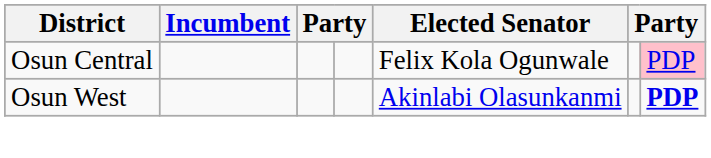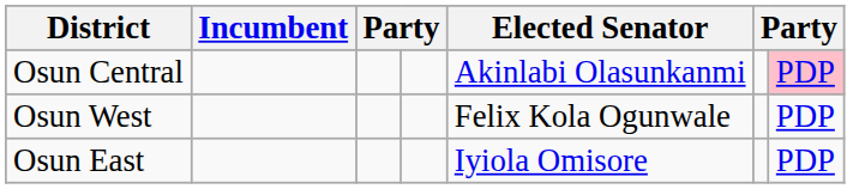 <table class="sortable wikitable" style="font-size:95%;line-height:14px;">
 <tr>
 <th class="unsortable">District</th>
 <th class="unsortable"><a href='#'>Incumbent</a></th>
 <th colspan="2">Party</th>
 <th class="unsortable">Elected Senator</th>
 <th colspan="2">Party</th>
 </tr>
 <tr>
 <td>Osun Central</td>
 <td></td>
 <td></td>
 <td></td>
-<td>Felix Kola Ogunwale</td>
+<td><a href='#'>Akinlabi Olasunkanmi</a></td>
 <td style="background:"></td>
 <td style="background: pink;"><a href='#'>PDP</a></td>
 </tr>
 <tr>
 <td>Osun West</td>
 <td></td>
 <td></td>
 <td></td>
-<td><a href='#'>Akinlabi Olasunkanmi</a></td>
+<td>Felix Kola Ogunwale</td>
 <td style="background:"></td>
-<td><strong><a href='#'>PDP</a></strong></td>
+<td><a href='#'>PDP</a></td>
+</tr>
+<tr>
+<td>Osun East</td>
+<td></td>
+<td></td>
+<td></td>
+<td><a href='#'>Iyiola Omisore</a></td>
+<td style="background:"></td>
+<td><a href='#'>PDP</a></td>
 </tr>
 </table>
